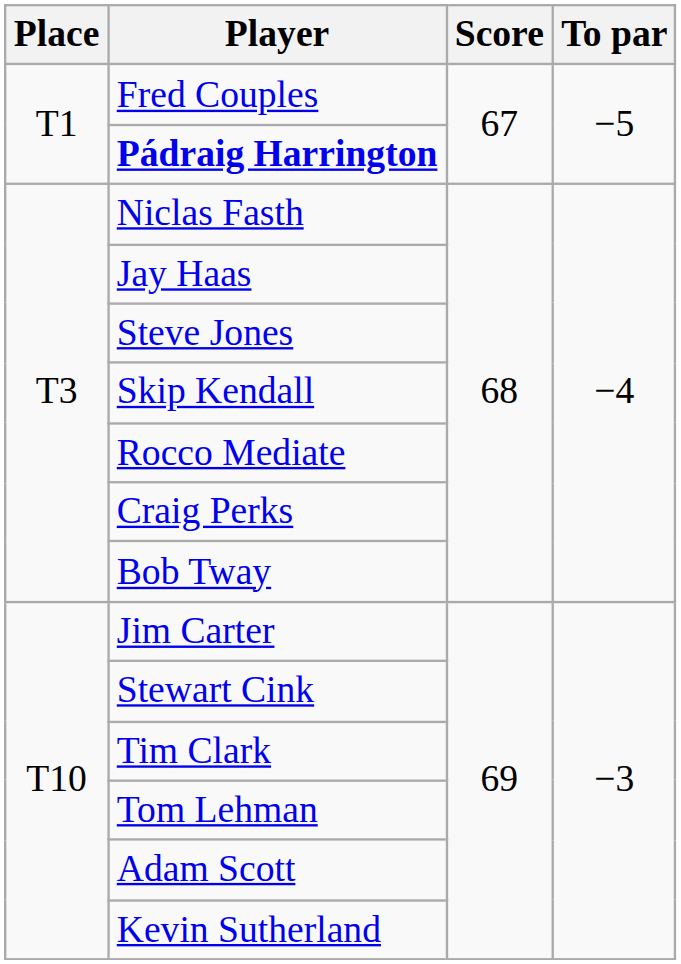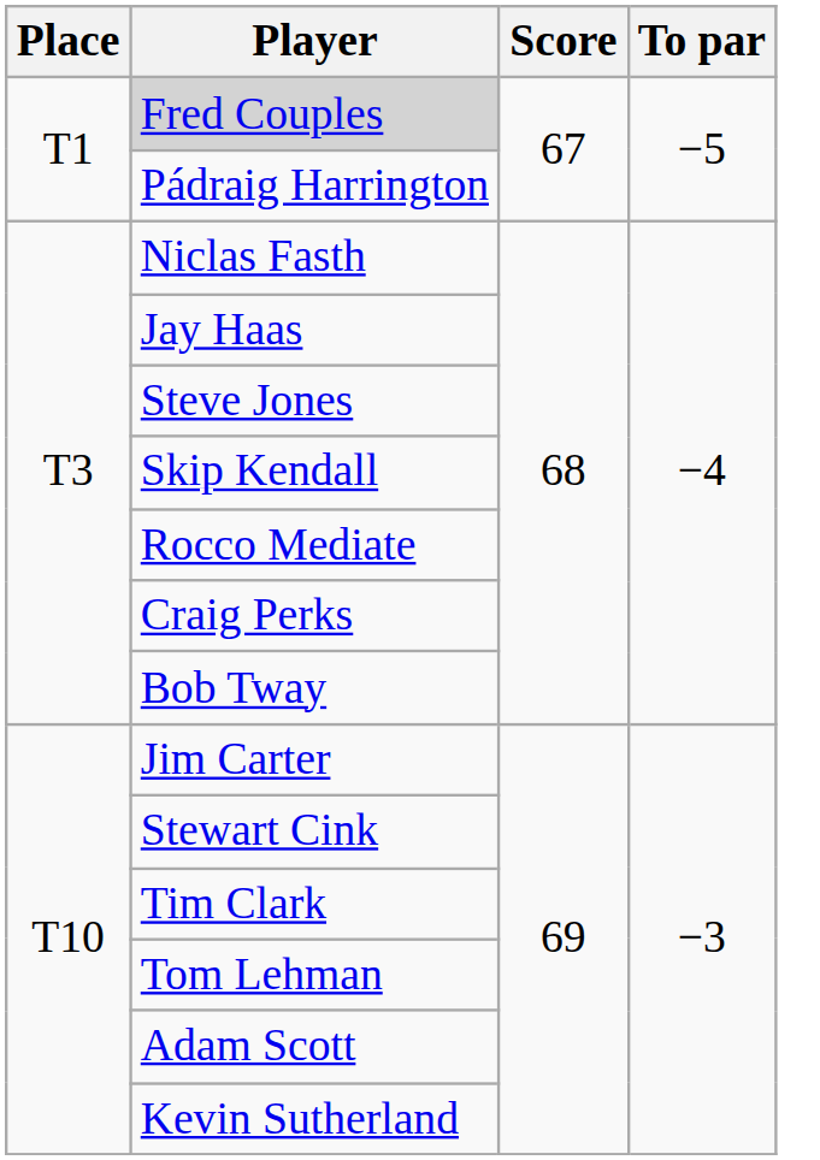 <table class="wikitable">
 <tr>
 <th>Place</th>
 <th>Player</th>
 <th>Score</th>
 <th>To par</th>
 </tr>
 <tr>
 <td align=center rowspan="2">T1</td>
-<td> <a href='#'>Fred Couples</a></td>
+<td style="background: lightgrey;"> <a href='#'>Fred Couples</a></td>
 <td rowspan="2" align=center>67</td>
 <td rowspan="2" align=center>−5</td>
 </tr>
 <tr>
-<td><strong> <a href='#'>Pádraig Harrington</a></strong></td>
+<td> <a href='#'>Pádraig Harrington</a></td>
 </tr>
 <tr>
 <td align=center rowspan="7">T3</td>
 <td> <a href='#'>Niclas Fasth</a></td>
 <td rowspan="7" align=center>68</td>
 <td rowspan="7" align=center>−4</td>
 </tr>
 <tr>
 <td> <a href='#'>Jay Haas</a></td>
 </tr>
 <tr>
 <td> <a href='#'>Steve Jones</a></td>
 </tr>
 <tr>
 <td> <a href='#'>Skip Kendall</a></td>
 </tr>
 <tr>
 <td> <a href='#'>Rocco Mediate</a></td>
 </tr>
 <tr>
 <td> <a href='#'>Craig Perks</a></td>
 </tr>
 <tr>
 <td> <a href='#'>Bob Tway</a></td>
 </tr>
 <tr>
 <td align=center rowspan="6">T10</td>
 <td> <a href='#'>Jim Carter</a></td>
 <td rowspan="6" align=center>69</td>
 <td rowspan="6" align=center>−3</td>
 </tr>
 <tr>
 <td> <a href='#'>Stewart Cink</a></td>
 </tr>
 <tr>
 <td> <a href='#'>Tim Clark</a></td>
 </tr>
 <tr>
 <td> <a href='#'>Tom Lehman</a></td>
 </tr>
 <tr>
 <td> <a href='#'>Adam Scott</a></td>
 </tr>
 <tr>
 <td> <a href='#'>Kevin Sutherland</a></td>
 </tr>
 </table>
